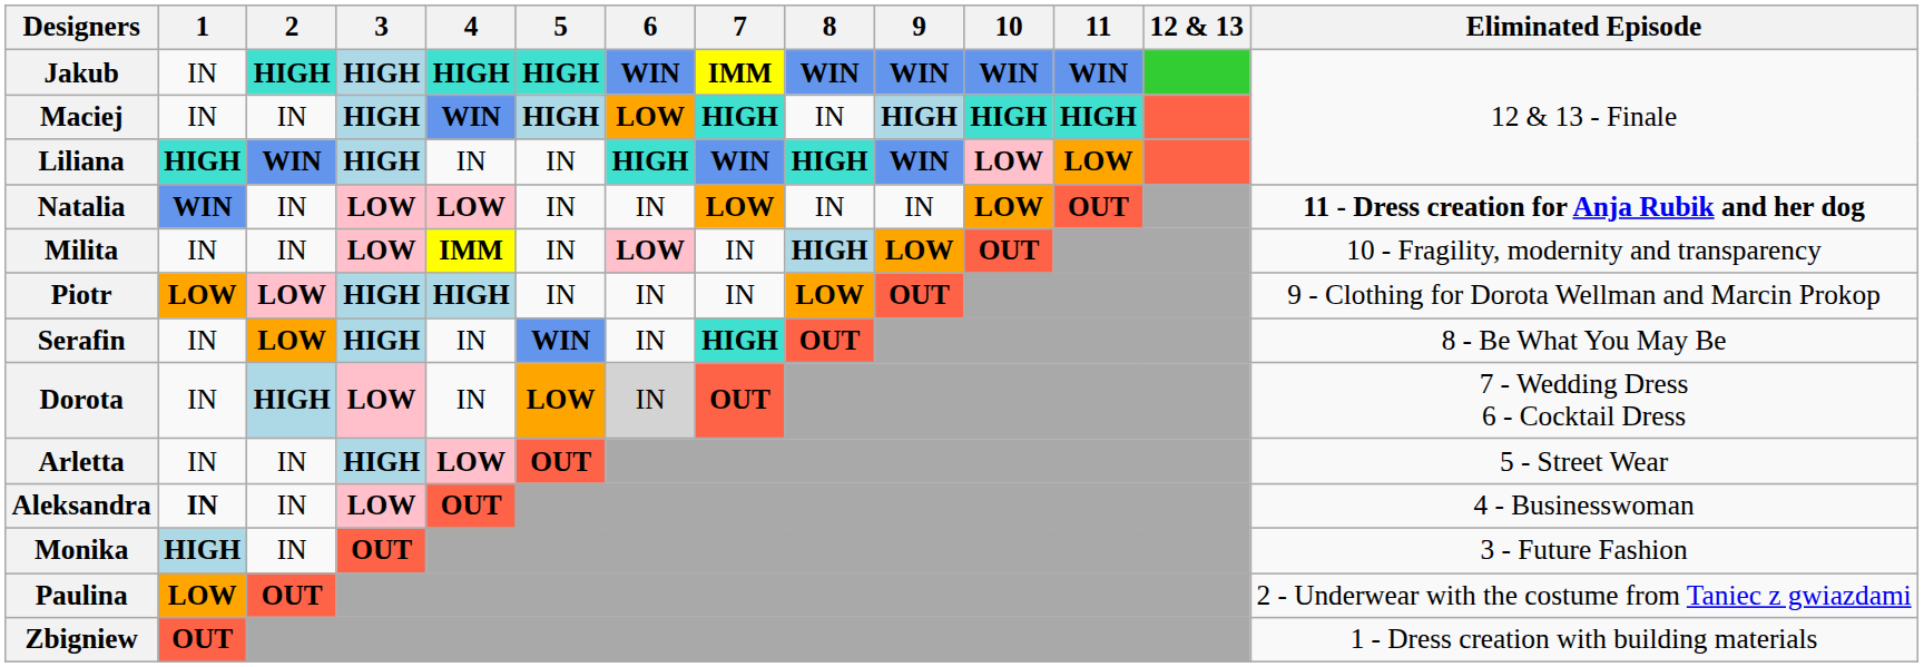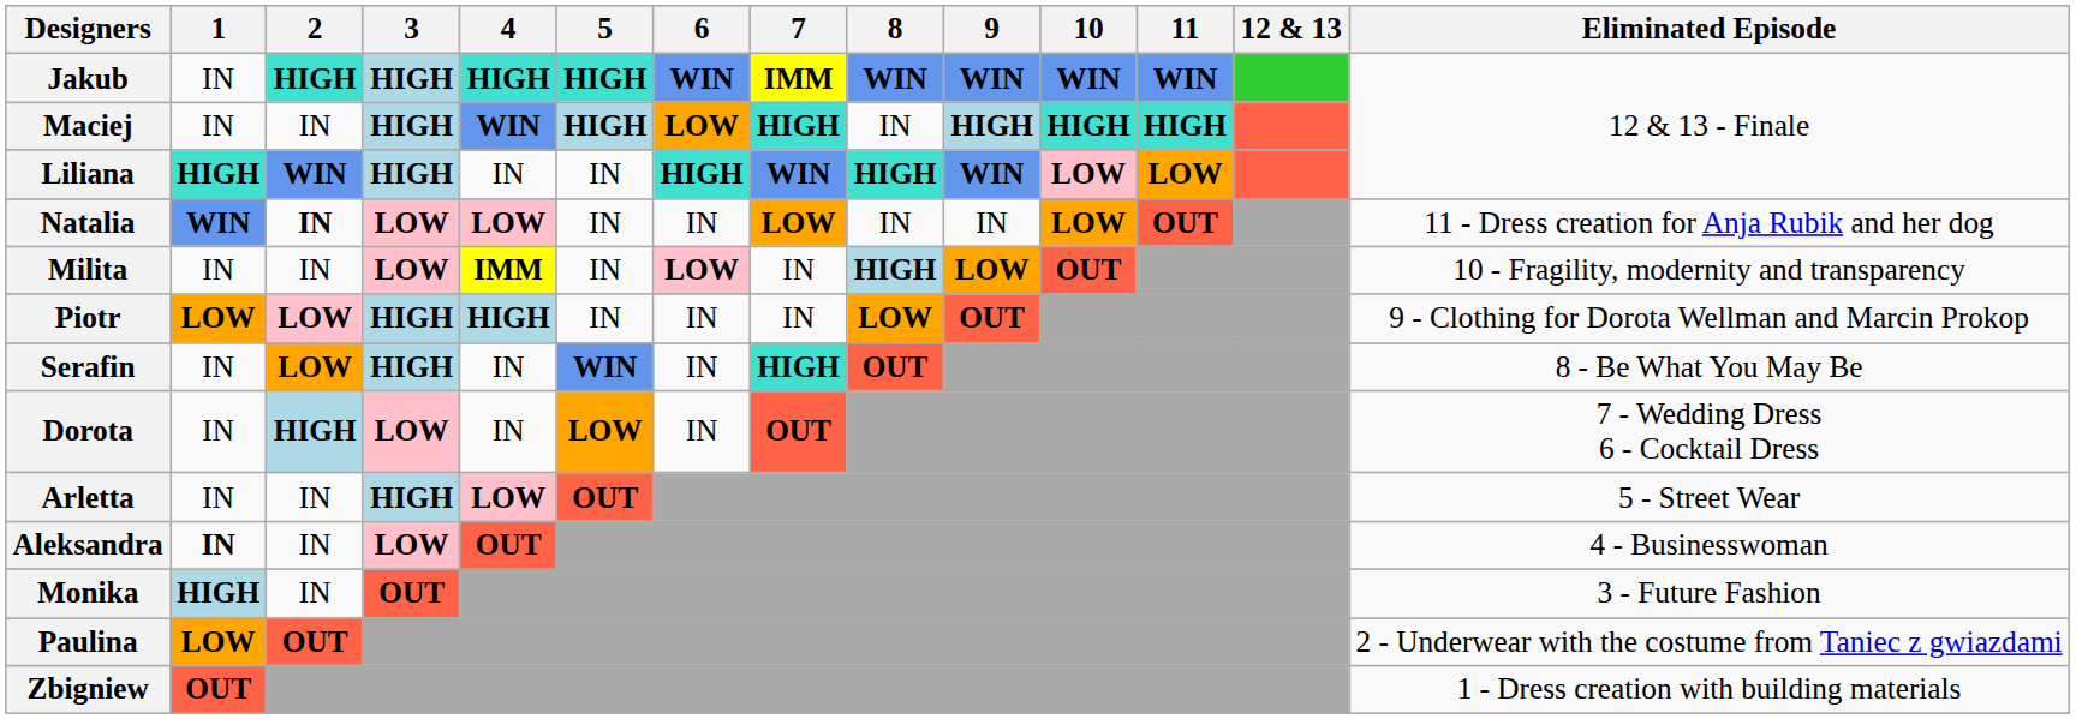 <table class="wikitable" style="text-align:center">
 <tr>
 <th>Designers</th>
 <th>1</th>
 <th>2</th>
 <th>3</th>
 <th>4</th>
 <th>5</th>
 <th>6</th>
 <th>7</th>
 <th>8</th>
 <th>9</th>
 <th>10</th>
 <th>11</th>
 <th>12 & 13</th>
 <th>Eliminated Episode</th>
 </tr>
 <tr>
 <th>Jakub</th>
 <td>IN</td>
 <td bgcolor="turquoise"><strong>HIGH</strong></td>
 <td bgcolor="lightblue"><strong>HIGH</strong></td>
 <td bgcolor="turquoise"><strong>HIGH</strong></td>
 <td bgcolor="turquoise"><strong>HIGH</strong></td>
 <td bgcolor="cornflowerblue"><strong>WIN</strong></td>
 <td bgcolor=yellow><strong>IMM</strong></td>
 <td bgcolor="cornflowerblue"><strong>WIN</strong></td>
 <td bgcolor="cornflowerblue"><strong>WIN</strong></td>
 <td bgcolor="cornflowerblue"><strong>WIN</strong></td>
 <td bgcolor="cornflowerblue"><strong>WIN</strong></td>
 <td style="background:Limegreen;"></td>
 <td rowspan="3">12 & 13 - Finale</td>
 </tr>
 <tr>
 <th>Maciej</th>
 <td>IN</td>
 <td>IN</td>
 <td bgcolor="lightblue"><strong>HIGH</strong></td>
 <td bgcolor="cornflowerblue"><strong>WIN</strong></td>
 <td bgcolor="lightblue"><strong>HIGH</strong></td>
 <td bgcolor="orange"><strong>LOW</strong></td>
 <td bgcolor="turquoise"><strong>HIGH</strong></td>
 <td>IN</td>
 <td bgcolor="lightblue"><strong>HIGH</strong></td>
 <td bgcolor="turquoise"><strong>HIGH</strong></td>
 <td bgcolor="turquoise"><strong>HIGH</strong></td>
 <td bgcolor="tomato"></td>
 </tr>
 <tr>
 <th>Liliana</th>
 <td bgcolor="turquoise"><strong>HIGH</strong></td>
 <td bgcolor="cornflowerblue"><strong>WIN</strong></td>
 <td bgcolor="lightblue"><strong>HIGH</strong></td>
 <td>IN</td>
 <td>IN</td>
 <td bgcolor="turquoise"><strong>HIGH</strong></td>
 <td bgcolor="cornflowerblue"><strong>WIN</strong></td>
 <td bgcolor="turquoise"><strong>HIGH</strong></td>
 <td bgcolor="cornflowerblue"><strong>WIN</strong></td>
 <td bgcolor="pink"><strong>LOW</strong></td>
 <td bgcolor="orange"><strong>LOW</strong></td>
 <td bgcolor="tomato"></td>
 </tr>
 <tr>
 <th>Natalia</th>
 <td bgcolor="cornflowerblue"><strong>WIN</strong></td>
-<td>IN</td>
+<td><strong>IN</strong></td>
 <td bgcolor="pink"><strong>LOW</strong></td>
 <td bgcolor="pink"><strong>LOW</strong></td>
 <td>IN</td>
 <td>IN</td>
 <td bgcolor="orange"><strong>LOW</strong></td>
 <td>IN</td>
 <td>IN</td>
 <td bgcolor="orange"><strong>LOW</strong></td>
 <td bgcolor="tomato"><strong>OUT</strong></td>
 <td bgcolor="darkgray" colspan="1"></td>
-<td><strong>11 - Dress creation for <a href='#'>Anja Rubik</a> and her dog</strong></td>
+<td>11 - Dress creation for <a href='#'>Anja Rubik</a> and her dog</td>
 </tr>
 <tr>
 <th>Milita</th>
 <td>IN</td>
 <td>IN</td>
 <td bgcolor="pink"><strong>LOW</strong></td>
 <td bgcolor=yellow><strong>IMM</strong></td>
 <td>IN</td>
 <td bgcolor="pink"><strong>LOW</strong></td>
 <td>IN</td>
 <td bgcolor="lightblue"><strong>HIGH</strong></td>
 <td bgcolor="orange"><strong>LOW</strong></td>
 <td bgcolor="tomato"><strong>OUT</strong></td>
 <td bgcolor="darkgray" colspan="2"></td>
 <td>10 - Fragility, modernity and transparency</td>
 </tr>
 <tr>
 <th>Piotr</th>
 <td bgcolor="orange"><strong>LOW</strong></td>
 <td bgcolor="pink"><strong>LOW</strong></td>
 <td bgcolor="lightblue"><strong>HIGH</strong></td>
 <td bgcolor="lightblue"><strong>HIGH</strong></td>
 <td>IN</td>
 <td>IN</td>
 <td>IN</td>
 <td bgcolor="orange"><strong>LOW</strong></td>
 <td bgcolor="tomato"><strong>OUT</strong></td>
 <td bgcolor="darkgray" colspan="3"></td>
 <td>9 - Clothing for Dorota Wellman and Marcin Prokop</td>
 </tr>
 <tr>
 <th>Serafin</th>
 <td>IN</td>
 <td bgcolor="orange"><strong>LOW</strong></td>
 <td bgcolor="lightblue"><strong>HIGH</strong></td>
 <td>IN</td>
 <td bgcolor="cornflowerblue"><strong>WIN</strong></td>
 <td>IN</td>
 <td bgcolor="turquoise"><strong>HIGH</strong></td>
 <td bgcolor="tomato"><strong>OUT</strong></td>
 <td bgcolor="darkgray" colspan="4"></td>
 <td>8 - Be What You May Be</td>
 </tr>
 <tr>
 <th>Dorota</th>
 <td>IN</td>
 <td bgcolor="lightblue"><strong>HIGH</strong></td>
 <td bgcolor="pink"><strong>LOW</strong></td>
 <td>IN</td>
 <td bgcolor="orange"><strong>LOW</strong></td>
-<td style="background: lightgrey;">IN</td>
+<td>IN</td>
 <td bgcolor="tomato"><strong>OUT</strong></td>
 <td bgcolor="darkgray" colspan="5"></td>
 <td>7 - Wedding Dress <br> 6 - Cocktail Dress</td>
 </tr>
 <tr>
 <th>Arletta</th>
 <td>IN</td>
 <td>IN</td>
 <td bgcolor="lightblue"><strong>HIGH</strong></td>
 <td bgcolor="pink"><strong>LOW</strong></td>
 <td bgcolor="tomato"><strong>OUT</strong></td>
 <td bgcolor="darkgray" colspan="7"></td>
 <td>5 - Street Wear</td>
 </tr>
 <tr>
 <th>Aleksandra</th>
 <td><strong>IN</strong></td>
 <td>IN</td>
 <td bgcolor="pink"><strong>LOW</strong></td>
 <td bgcolor="tomato"><strong>OUT</strong></td>
 <td bgcolor="darkgray" colspan="8"></td>
 <td>4 - Businesswoman</td>
 </tr>
 <tr>
 <th>Monika</th>
 <td bgcolor="lightblue"><strong>HIGH</strong></td>
 <td>IN</td>
 <td bgcolor="tomato"><strong>OUT</strong></td>
 <td bgcolor="darkgray" colspan="9"></td>
 <td>3 - Future Fashion</td>
 </tr>
 <tr>
 <th>Paulina</th>
 <td bgcolor="orange"><strong>LOW</strong></td>
 <td bgcolor="tomato"><strong>OUT</strong></td>
 <td bgcolor="darkgray" colspan="10"></td>
 <td>2 - Underwear with the costume from <a href='#'>Taniec z gwiazdami</a></td>
 </tr>
 <tr>
 <th>Zbigniew</th>
 <td bgcolor="tomato"><strong>OUT</strong></td>
 <td bgcolor="darkgray" colspan="11"></td>
 <td>1 - Dress creation with building materials</td>
 </tr>
 </table>
